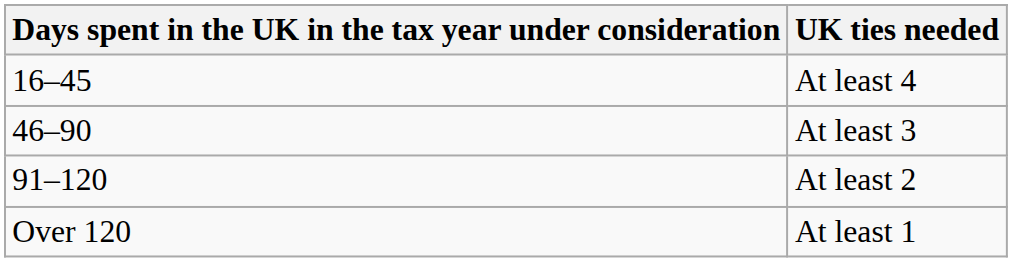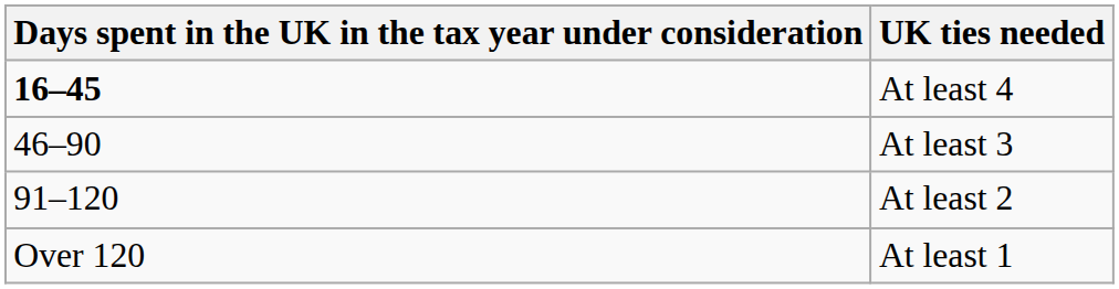 <table class="wikitable".>
 <tr>
 <th>Days spent in the UK in the tax year under consideration</th>
 <th>UK ties needed</th>
 </tr>
 <tr>
-<td>16–45</td>
+<td><strong>16–45</strong></td>
 <td>At least 4</td>
 </tr>
 <tr>
 <td>46–90</td>
 <td>At least 3</td>
 </tr>
 <tr>
 <td>91–120</td>
 <td>At least 2</td>
 </tr>
 <tr>
 <td>Over 120</td>
 <td>At least 1</td>
 </tr>
 </table>
